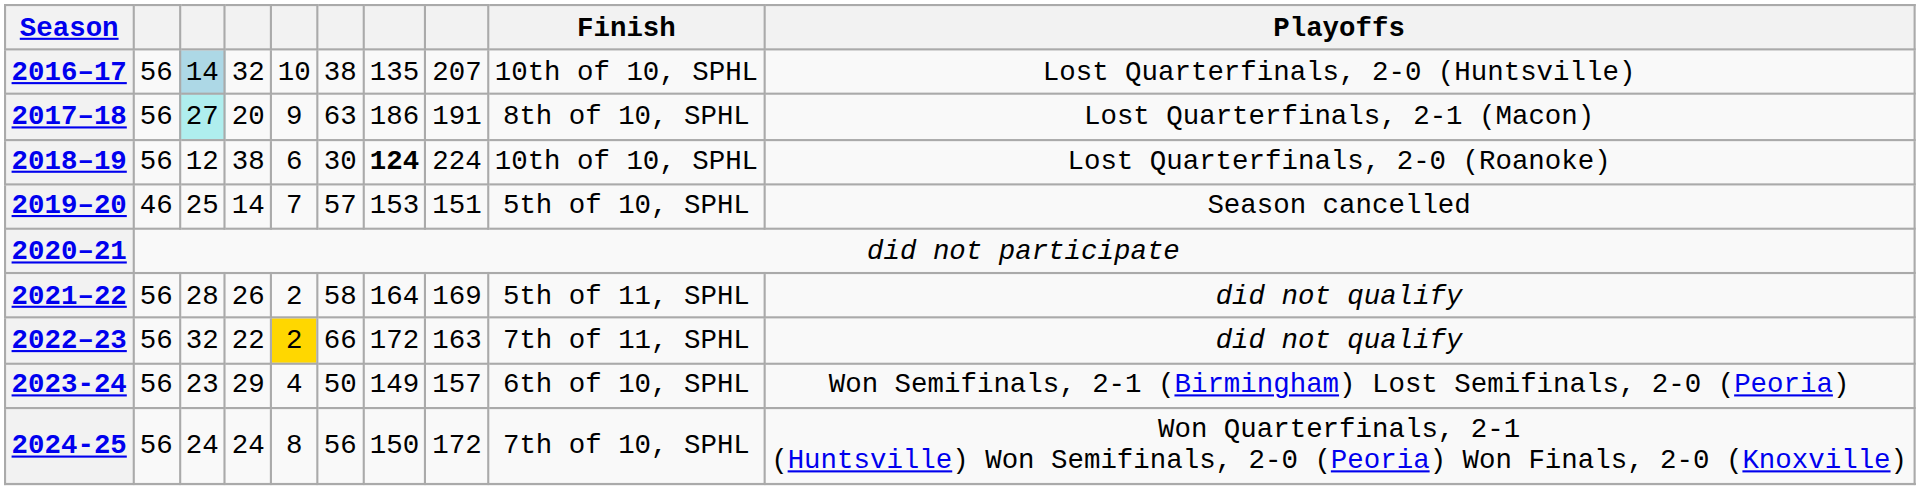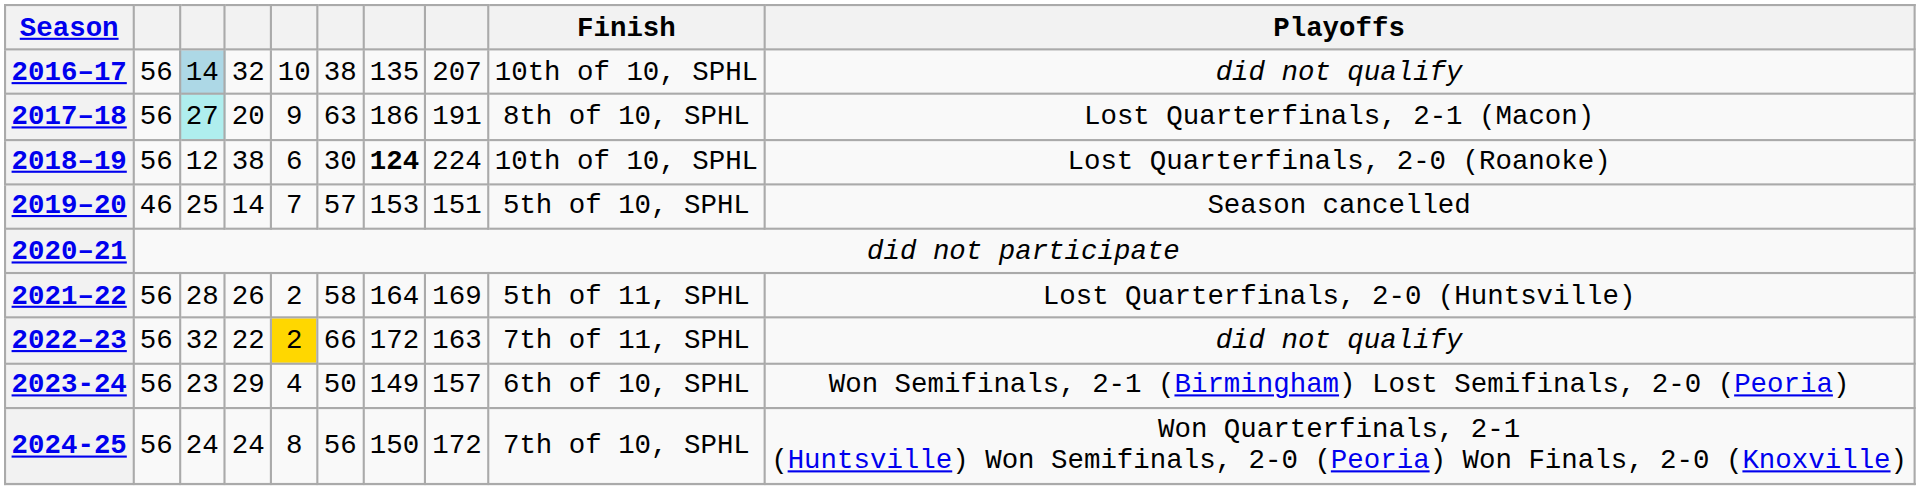 <table class="wikitable plainrowheaders" style="text-align:center">
 <tr>
 <th scope="col"><a href='#'>Season</a></th>
 <th scope="col"></th>
 <th scope="col"></th>
 <th scope="col"></th>
 <th scope="col"></th>
 <th scope="col"></th>
 <th scope="col"></th>
 <th scope="col"></th>
 <th scope="col">Finish</th>
 <th scope="col">Playoffs</th>
 </tr>
 <tr>
 <th scope="row"><a href='#'>2016–17</a></th>
 <td>56</td>
 <td style="background: lightblue;">14</td>
 <td>32</td>
 <td>10</td>
 <td>38</td>
 <td>135</td>
 <td>207</td>
 <td>10th of 10, SPHL</td>
-<td>Lost Quarterfinals, 2-0 (Huntsville)</td>
+<td><em>did not qualify</em></td>
 </tr>
 <tr>
 <th scope="row"><a href='#'>2017–18</a></th>
 <td>56</td>
 <td style="background: paleturquoise;">27</td>
 <td>20</td>
 <td>9</td>
 <td>63</td>
 <td>186</td>
 <td>191</td>
 <td>8th of 10, SPHL</td>
 <td>Lost Quarterfinals, 2-1 (Macon)</td>
 </tr>
 <tr>
 <th scope="row"><a href='#'>2018–19</a></th>
 <td>56</td>
 <td>12</td>
 <td>38</td>
 <td>6</td>
 <td>30</td>
 <td><strong>124</strong></td>
 <td>224</td>
 <td>10th of 10, SPHL</td>
 <td>Lost Quarterfinals, 2-0 (Roanoke)</td>
 </tr>
 <tr>
 <th scope="row"><a href='#'>2019–20</a></th>
 <td>46</td>
 <td>25</td>
 <td>14</td>
 <td>7</td>
 <td>57</td>
 <td>153</td>
 <td>151</td>
 <td>5th of 10, SPHL</td>
 <td>Season cancelled</td>
 </tr>
 <tr>
 <th scope="row"><a href='#'>2020–21</a></th>
 <td colspan=9><em>did not participate</em></td>
 </tr>
 <tr>
 <th scope="row"><a href='#'>2021–22</a></th>
 <td>56</td>
 <td>28</td>
 <td>26</td>
 <td>2</td>
 <td>58</td>
 <td>164</td>
 <td>169</td>
 <td>5th of 11, SPHL</td>
-<td><em>did not qualify</em></td>
+<td>Lost Quarterfinals, 2-0 (Huntsville)</td>
 </tr>
 <tr>
 <th scope="row"><a href='#'>2022–23</a></th>
 <td>56</td>
 <td>32</td>
 <td>22</td>
 <td style="background: gold;">2</td>
 <td>66</td>
 <td>172</td>
 <td>163</td>
 <td>7th of 11, SPHL</td>
 <td><em>did not qualify</em></td>
 </tr>
 <tr>
 <th scope="row"><a href='#'>2023-24</a></th>
 <td>56</td>
 <td>23</td>
 <td>29</td>
 <td>4</td>
 <td>50</td>
 <td>149</td>
 <td>157</td>
 <td>6th of 10, SPHL</td>
 <td>Won Semifinals, 2-1 (<a href='#'>Birmingham</a>) Lost Semifinals, 2-0 (<a href='#'>Peoria</a>)</td>
 </tr>
 <tr>
 <th scope="row"><a href='#'>2024-25</a></th>
 <td>56</td>
 <td>24</td>
 <td>24</td>
 <td>8</td>
 <td>56</td>
 <td>150</td>
 <td>172</td>
 <td>7th of 10, SPHL</td>
 <td>Won Quarterfinals, 2-1<br>(<a href='#'>Huntsville</a>) Won Semifinals, 2-0 (<a href='#'>Peoria</a>) Won Finals, 2-0  (<a href='#'>Knoxville</a>)</td>
 </tr>
 <tr>
 </tr>
 </table>
